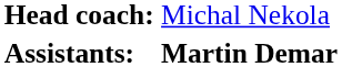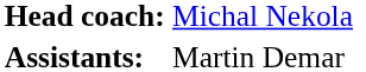 <table>
 <tr>
 <td><strong>Head coach:</strong></td>
 <td><a href='#'>Michal Nekola</a></td>
 </tr>
 <tr>
 <td><strong>Assistants:</strong></td>
-<td><strong>Martin Demar</strong></td>
+<td>Martin Demar</td>
 </tr>
 </table>
